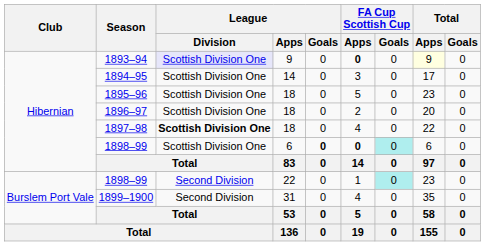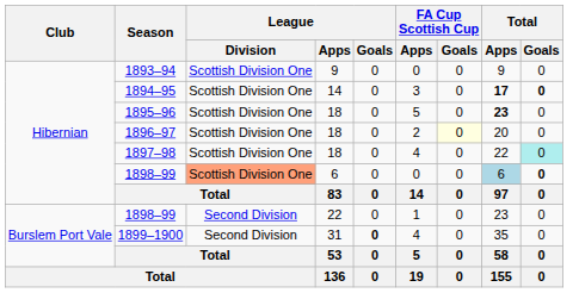 <table class="wikitable" style="text-align:center">
 <tr>
 <th rowspan="2">Club</th>
 <th rowspan="2">Season</th>
 <th colspan="3">League</th>
 <th colspan="2"><a href='#'>FA Cup</a><br><a href='#'>Scottish Cup</a></th>
 <th colspan="2">Total</th>
 </tr>
 <tr>
 <th>Division</th>
 <th>Apps</th>
 <th>Goals</th>
 <th>Apps</th>
 <th>Goals</th>
 <th>Apps</th>
 <th>Goals</th>
 </tr>
 <tr>
 <td rowspan="7"><a href='#'>Hibernian</a></td>
 <td><a href='#'>1893–94</a></td>
-<td style="background: lavender;"><a href='#'>Scottish Division One</a></td>
+<td><a href='#'>Scottish Division One</a></td>
 <td>9</td>
 <td>0</td>
-<td><strong>0</strong></td>
 <td>0</td>
-<td style="background: lightyellow;">9</td>
+<td>0</td>
+<td>9</td>
 <td>0</td>
 </tr>
 <tr>
 <td><a href='#'>1894–95</a></td>
 <td>Scottish Division One</td>
 <td>14</td>
 <td>0</td>
 <td>3</td>
 <td>0</td>
-<td>17</td>
-<td>0</td>
+<td><strong>17</strong></td>
+<td><strong>0</strong></td>
 </tr>
 <tr>
 <td><a href='#'>1895–96</a></td>
 <td>Scottish Division One</td>
 <td>18</td>
 <td>0</td>
 <td>5</td>
 <td>0</td>
-<td>23</td>
+<td><strong>23</strong></td>
 <td>0</td>
 </tr>
 <tr>
 <td><a href='#'>1896–97</a></td>
 <td>Scottish Division One</td>
 <td>18</td>
 <td>0</td>
 <td>2</td>
-<td>0</td>
+<td style="background: lightyellow;">0</td>
 <td>20</td>
 <td>0</td>
 </tr>
 <tr>
 <td><a href='#'>1897–98</a></td>
-<td><strong>Scottish Division One</strong></td>
+<td>Scottish Division One</td>
 <td>18</td>
 <td>0</td>
 <td>4</td>
 <td>0</td>
 <td>22</td>
-<td>0</td>
+<td style="background: paleturquoise;">0</td>
 </tr>
 <tr>
 <td><a href='#'>1898–99</a></td>
-<td>Scottish Division One</td>
-<td>6</td>
-<td><strong>0</strong></td>
-<td><strong>0</strong></td>
-<td style="background: paleturquoise;">0</td>
+<td style="background: lightsalmon;">Scottish Division One</td>
 <td>6</td>
 <td>0</td>
+<td>0</td>
+<td>0</td>
+<td style="background: lightblue;">6</td>
+<td><strong>0</strong></td>
 </tr>
 <tr>
 <th colspan="2">Total</th>
 <th>83</th>
 <th>0</th>
 <th>14</th>
 <th>0</th>
 <th>97</th>
 <th>0</th>
 </tr>
 <tr>
 <td rowspan="3"><a href='#'>Burslem Port Vale</a></td>
 <td><a href='#'>1898–99</a></td>
 <td><a href='#'>Second Division</a></td>
 <td>22</td>
 <td>0</td>
 <td>1</td>
-<td style="background: paleturquoise;">0</td>
+<td>0</td>
 <td>23</td>
 <td>0</td>
 </tr>
 <tr>
 <td><a href='#'>1899–1900</a></td>
 <td>Second Division</td>
 <td>31</td>
-<td>0</td>
+<td><strong>0</strong></td>
 <td>4</td>
 <td>0</td>
 <td>35</td>
 <td>0</td>
 </tr>
 <tr>
 <th colspan="2">Total</th>
 <th>53</th>
 <th>0</th>
 <th>5</th>
 <th>0</th>
 <th>58</th>
 <th>0</th>
 </tr>
 <tr>
 <th colspan="3">Total</th>
 <th>136</th>
 <th>0</th>
 <th>19</th>
 <th>0</th>
 <th>155</th>
 <th>0</th>
 </tr>
 </table>
